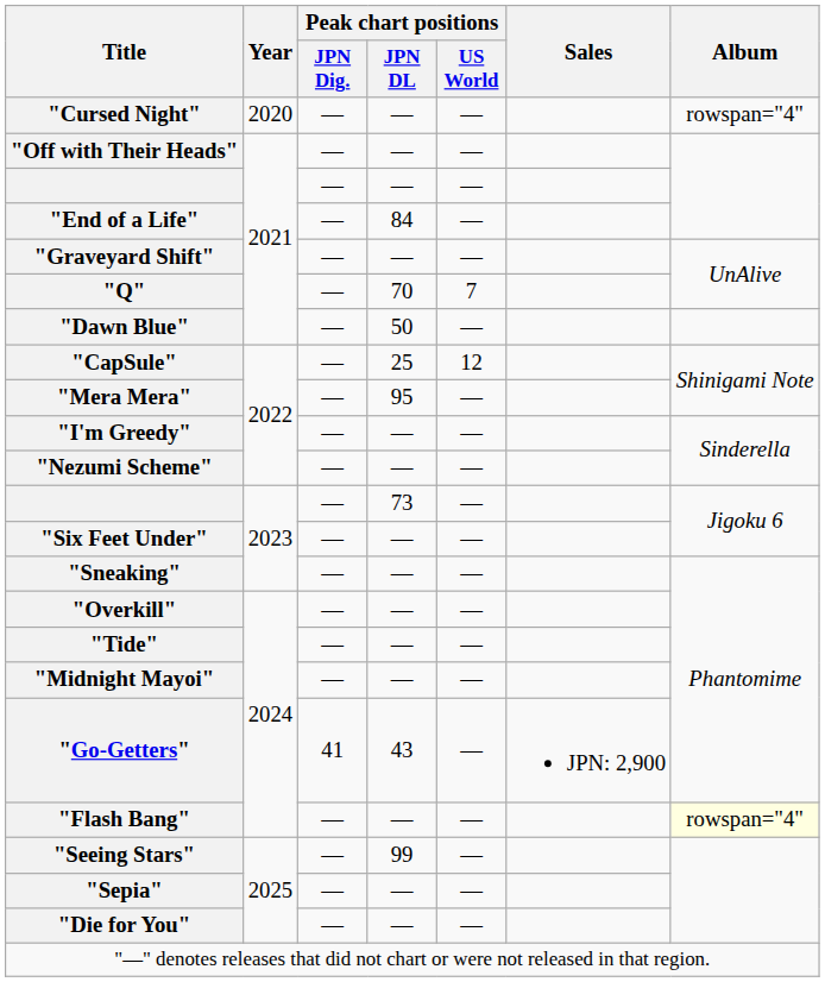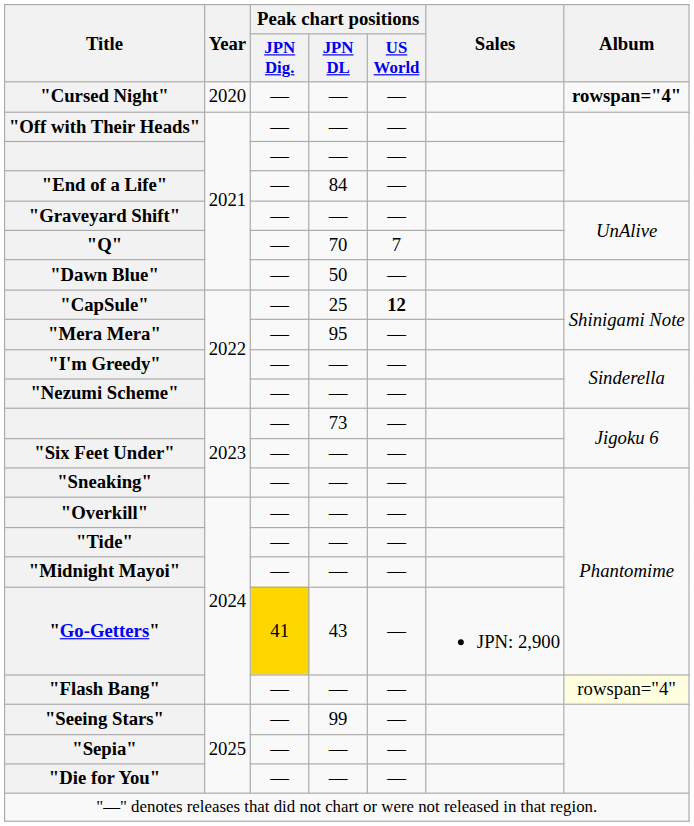 <table class="wikitable plainrowheaders" style="text-align:center;">
 <tr>
 <th scope="col" rowspan="2">Title</th>
 <th scope="col" rowspan="2">Year</th>
 <th scope="col" colspan="3">Peak chart positions</th>
 <th scope="col" rowspan="2">Sales</th>
 <th scope="col" rowspan="2">Album</th>
 </tr>
 <tr>
 <th scope="col" style="width:3em;font-size:90%;"><a href='#'>JPN Dig.</a><br></th>
 <th scope="col" style="width:3em;font-size:90%;"><a href='#'>JPN<br>DL</a><br></th>
 <th scope="col" style="width:3em;font-size:90%;"><a href='#'>US<br>World</a><br></th>
 </tr>
 <tr>
 <th scope="row">"Cursed Night"</th>
 <td>2020</td>
 <td>—</td>
 <td>—</td>
 <td>—</td>
 <td></td>
-<td>rowspan="4" </td>
+<td><strong>rowspan="4" </strong></td>
 </tr>
 <tr>
 <th scope="row">"Off with Their Heads"</th>
 <td rowspan="6">2021</td>
 <td>—</td>
 <td>—</td>
 <td>—</td>
 <td></td>
 </tr>
 <tr>
 <th scope="row"></th>
 <td>—</td>
 <td>—</td>
 <td>—</td>
 <td></td>
 </tr>
 <tr>
 <th scope="row">"End of a Life"</th>
 <td>—</td>
 <td>84</td>
 <td>—</td>
 <td></td>
 </tr>
 <tr>
 <th scope="row">"Graveyard Shift"<br></th>
 <td>—</td>
 <td>—</td>
 <td>—</td>
 <td></td>
 <td rowspan="2"><em>UnAlive</em></td>
 </tr>
 <tr>
 <th scope="row">"Q"<br></th>
 <td>—</td>
 <td>70</td>
 <td>7</td>
 <td></td>
 </tr>
 <tr>
 <th scope="row">"Dawn Blue"</th>
 <td>—</td>
 <td>50</td>
 <td>—</td>
 <td></td>
 <td></td>
 </tr>
 <tr>
 <th scope="row">"CapSule"<br></th>
 <td rowspan="4">2022</td>
 <td>—</td>
 <td>25</td>
-<td>12</td>
+<td><strong>12</strong></td>
 <td></td>
 <td rowspan="2"><em>Shinigami Note</em></td>
 </tr>
 <tr>
 <th scope="row">"Mera Mera"</th>
 <td>—</td>
 <td>95</td>
 <td>—</td>
 <td></td>
 </tr>
 <tr>
 <th scope="row">"I'm Greedy"</th>
 <td>—</td>
 <td>—</td>
 <td>—</td>
 <td></td>
 <td rowspan="2"><em>Sinderella</em></td>
 </tr>
 <tr>
 <th scope="row">"Nezumi Scheme"</th>
 <td>—</td>
 <td>—</td>
 <td>—</td>
 <td></td>
 </tr>
 <tr>
 <th scope="row"></th>
 <td rowspan="3">2023</td>
 <td>—</td>
 <td>73</td>
 <td>—</td>
 <td></td>
 <td rowspan="2"><em>Jigoku 6</em></td>
 </tr>
 <tr>
 <th scope="row">"Six Feet Under"</th>
 <td>—</td>
 <td>—</td>
 <td>—</td>
 <td></td>
 </tr>
 <tr>
 <th scope="row">"Sneaking"</th>
 <td>—</td>
 <td>—</td>
 <td>—</td>
 <td></td>
 <td rowspan="5"><em>Phantomime</em></td>
 </tr>
 <tr>
 <th scope="row">"Overkill"</th>
 <td rowspan="5">2024</td>
 <td>—</td>
 <td>—</td>
 <td>—</td>
 <td></td>
 </tr>
 <tr>
 <th scope="row">"Tide"<br></th>
 <td>—</td>
 <td>—</td>
 <td>—</td>
 <td></td>
 </tr>
 <tr>
 <th scope="row">"Midnight Mayoi"<br></th>
 <td>—</td>
 <td>—</td>
 <td>—</td>
 <td></td>
 </tr>
 <tr>
 <th scope="row">"<a href='#'>Go-Getters</a>"</th>
-<td>41</td>
+<td style="background: gold;">41</td>
 <td>43</td>
 <td>—</td>
 <td><br><ul><li>JPN: 2,900 </li></ul></td>
 </tr>
 <tr>
 <th scope="row">"Flash Bang"<br></th>
 <td>—</td>
 <td>—</td>
 <td>—</td>
 <td></td>
 <td style="background: lightyellow;">rowspan="4" </td>
 </tr>
 <tr>
 <th scope="row">"Seeing Stars"<br></th>
 <td rowspan="3">2025</td>
 <td>—</td>
 <td>99</td>
 <td>—</td>
 <td></td>
 </tr>
 <tr>
 <th scope="row">"Sepia"<br></th>
 <td>—</td>
 <td>—</td>
 <td>—</td>
 <td></td>
 </tr>
 <tr>
 <th scope="row">"Die for You"</th>
 <td>—</td>
 <td>—</td>
 <td>—</td>
 <td></td>
 </tr>
 <tr>
 <td colspan="7" style="font-size:90%;">"—" denotes releases that did not chart or were not released in that region.</td>
 </tr>
 </table>
